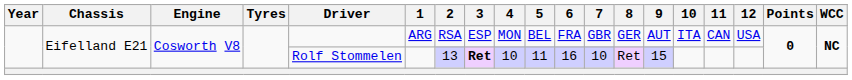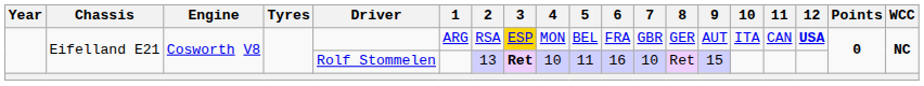 <table class="wikitable" style="text-align:center; font-size:95%">
 <tr>
 <th>Year</th>
 <th>Chassis</th>
 <th>Engine</th>
 <th>Tyres</th>
 <th>Driver</th>
 <th>1</th>
 <th>2</th>
 <th>3</th>
 <th>4</th>
 <th>5</th>
 <th>6</th>
 <th>7</th>
 <th>8</th>
 <th>9</th>
 <th>10</th>
 <th>11</th>
 <th>12</th>
 <th>Points</th>
 <th>WCC</th>
 </tr>
 <tr>
 <td rowspan="2"></td>
 <td rowspan="2">Eifelland E21</td>
 <td rowspan="2"><a href='#'>Cosworth</a> <a href='#'>V8</a></td>
 <td rowspan="2"></td>
 <td></td>
 <td><a href='#'>ARG</a></td>
 <td><a href='#'>RSA</a></td>
-<td><a href='#'>ESP</a></td>
+<td style="background: gold;"><a href='#'>ESP</a></td>
 <td><a href='#'>MON</a></td>
 <td><a href='#'>BEL</a></td>
 <td><a href='#'>FRA</a></td>
 <td><a href='#'>GBR</a></td>
 <td><a href='#'>GER</a></td>
 <td><a href='#'>AUT</a></td>
 <td><a href='#'>ITA</a></td>
 <td><a href='#'>CAN</a></td>
-<td><a href='#'>USA</a></td>
+<td><strong><a href='#'>USA</a></strong></td>
 <td rowspan="2"><strong>0</strong></td>
 <td rowspan="2"><strong>NC</strong></td>
 </tr>
 <tr>
 <td align="left"> <a href='#'>Rolf Stommelen</a></td>
 <td></td>
 <td style="background:#CFCFFF;">13</td>
 <td style="background:#EFCFFF;"><strong>Ret</strong></td>
 <td style="background:#CFCFFF;">10</td>
 <td style="background:#CFCFFF;">11</td>
 <td style="background:#CFCFFF;">16</td>
 <td style="background:#CFCFFF;">10</td>
 <td style="background:#EFCFFF;">Ret</td>
 <td style="background:#CFCFFF;">15</td>
 <td></td>
 <td></td>
 <td></td>
 </tr>
 <tr>
 <th colspan="19"></th>
 </tr>
 </table>
